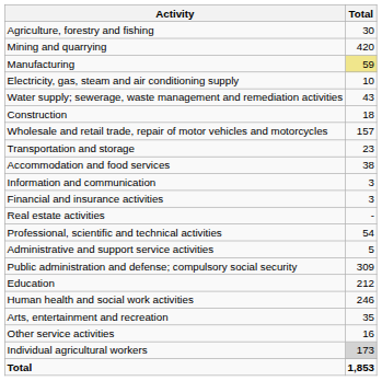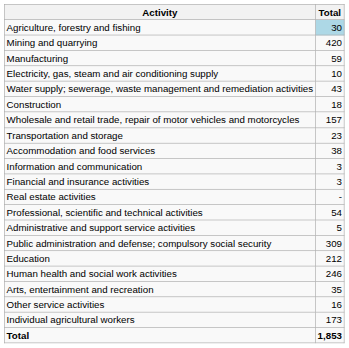 <table class="wikitable sortable" style="font-size:95%;">
 <tr>
 <th>Activity</th>
 <th>Total</th>
 </tr>
 <tr>
 <td>Agriculture, forestry and fishing</td>
-<td align="right">30</td>
+<td align="right" style="background: lightblue;">30</td>
 </tr>
 <tr>
 <td>Mining and quarrying</td>
 <td align="right">420</td>
 </tr>
 <tr>
 <td>Manufacturing</td>
-<td align="right" style="background: khaki;">59</td>
+<td align="right">59</td>
 </tr>
 <tr>
 <td>Electricity, gas, steam and air conditioning supply</td>
 <td align="right">10</td>
 </tr>
 <tr>
 <td>Water supply; sewerage, waste management and remediation activities</td>
 <td align="right">43</td>
 </tr>
 <tr>
 <td>Construction</td>
 <td align="right">18</td>
 </tr>
 <tr>
 <td>Wholesale and retail trade, repair of motor vehicles and motorcycles</td>
 <td align="right">157</td>
 </tr>
 <tr>
 <td>Transportation and storage</td>
 <td align="right">23</td>
 </tr>
 <tr>
 <td>Accommodation and food services</td>
 <td align="right">38</td>
 </tr>
 <tr>
 <td>Information and communication</td>
 <td align="right">3</td>
 </tr>
 <tr>
 <td>Financial and insurance activities</td>
 <td align="right">3</td>
 </tr>
 <tr>
 <td>Real estate activities</td>
 <td align="right">-</td>
 </tr>
 <tr>
 <td>Professional, scientific and technical activities</td>
 <td align="right">54</td>
 </tr>
 <tr>
 <td>Administrative and support service activities</td>
 <td align="right">5</td>
 </tr>
 <tr>
 <td>Public administration and defense; compulsory social security</td>
 <td align="right">309</td>
 </tr>
 <tr>
 <td>Education</td>
 <td align="right">212</td>
 </tr>
 <tr>
 <td>Human health and social work activities</td>
 <td align="right">246</td>
 </tr>
 <tr>
 <td>Arts, entertainment and recreation</td>
 <td align="right">35</td>
 </tr>
 <tr>
 <td>Other service activities</td>
 <td align="right">16</td>
 </tr>
 <tr>
 <td>Individual agricultural workers</td>
-<td align="right" style="background: lightgrey;">173</td>
+<td align="right">173</td>
 </tr>
 <tr class="sortbottom">
 <td><strong>Total</strong></td>
 <td align="right"><strong>1,853</strong></td>
 </tr>
 </table>
